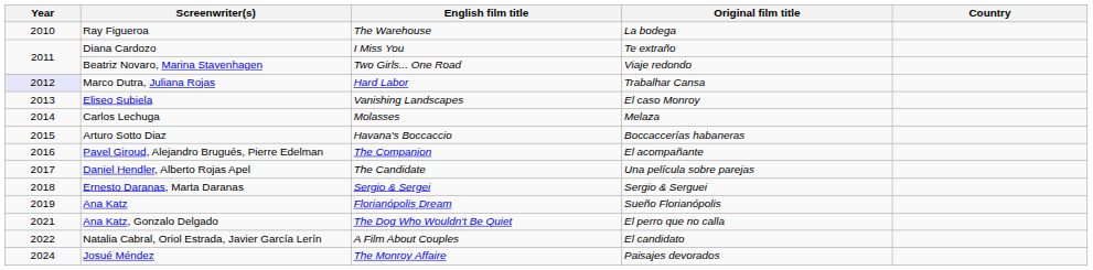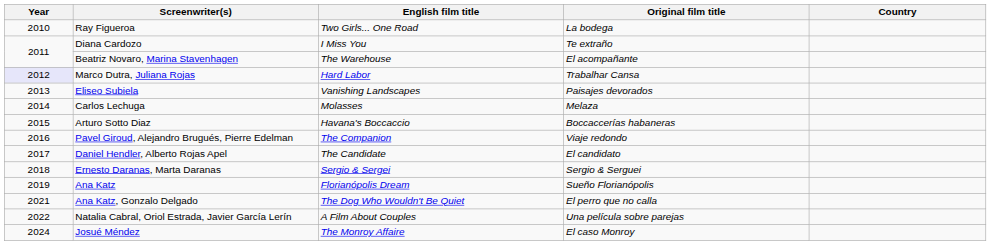 <table class="sortable wikitable" width="100%" cellpadding="5">
 <tr>
 <th width="7%">Year</th>
 <th width="25%">Screenwriter(s)</th>
 <th width="25%">English film title</th>
 <th width="25%">Original film title</th>
 <th width="18%">Country</th>
 </tr>
 <tr>
 <td style="text-align:center;">2010</td>
 <td>Ray Figueroa</td>
-<td><em>The Warehouse</em></td>
+<td><em>Two Girls... One Road</em></td>
 <td><em>La bodega</em></td>
 <td></td>
 </tr>
 <tr>
 <td rowspan="2" style="text-align:center;">2011</td>
 <td>Diana Cardozo</td>
 <td><em>I Miss You</em></td>
 <td><em>Te extraño</em></td>
 <td></td>
 </tr>
 <tr>
 <td>Beatriz Novaro, <a href='#'>Marina Stavenhagen</a></td>
-<td><em>Two Girls... One Road</em></td>
-<td><em>Viaje redondo</em></td>
+<td><em>The Warehouse</em></td>
+<td><em>El acompañante</em></td>
 <td></td>
 </tr>
 <tr>
 <td style="background: lavender; text-align:center;">2012</td>
 <td>Marco Dutra, <a href='#'>Juliana Rojas</a></td>
 <td><em><a href='#'>Hard Labor</a></em></td>
 <td><em>Trabalhar Cansa</em></td>
 <td></td>
 </tr>
 <tr>
 <td style="text-align:center;">2013</td>
 <td><a href='#'>Eliseo Subiela</a></td>
 <td><em>Vanishing Landscapes</em></td>
-<td><em>El caso Monroy</em></td>
+<td><em>Paisajes devorados</em></td>
 <td></td>
 </tr>
 <tr>
 <td style="text-align:center;">2014</td>
 <td>Carlos Lechuga</td>
 <td><em>Molasses</em></td>
 <td><em>Melaza</em></td>
 <td></td>
 </tr>
 <tr>
 <td style="text-align:center;">2015</td>
 <td>Arturo Sotto Diaz</td>
 <td><em>Havana's Boccaccio</em></td>
 <td><em>Boccaccerías habaneras</em></td>
 <td></td>
 </tr>
 <tr>
 <td style="text-align:center;">2016</td>
 <td><a href='#'>Pavel Giroud</a>, Alejandro Brugués, Pierre Edelman</td>
 <td><em><a href='#'>The Companion</a></em></td>
-<td><em>El acompañante</em></td>
+<td><em>Viaje redondo</em></td>
 <td></td>
 </tr>
 <tr>
 <td style="text-align:center;">2017</td>
 <td><a href='#'>Daniel Hendler</a>, Alberto Rojas Apel</td>
 <td><em>The Candidate</em></td>
-<td><em>Una película sobre parejas</em></td>
+<td><em>El candidato</em></td>
 <td><br></td>
 </tr>
 <tr>
 <td style="text-align:center;">2018</td>
 <td><a href='#'>Ernesto Daranas</a>, Marta Daranas</td>
 <td><em><a href='#'>Sergio & Sergei</a></em></td>
 <td><em>Sergio & Serguei</em></td>
 <td></td>
 </tr>
 <tr>
 <td style="text-align:center;">2019</td>
 <td><a href='#'>Ana Katz</a></td>
 <td><em><a href='#'>Florianópolis Dream</a></em></td>
 <td><em>Sueño Florianópolis</em></td>
 <td><br></td>
 </tr>
 <tr>
 <td style="text-align:center;">2021</td>
 <td><a href='#'>Ana Katz</a>, Gonzalo Delgado</td>
 <td><em><a href='#'>The Dog Who Wouldn't Be Quiet</a></em></td>
 <td><em>El perro que no calla</em></td>
 <td></td>
 </tr>
 <tr>
 <td style="text-align:center;">2022</td>
 <td>Natalia Cabral, Oriol Estrada, Javier García Lerín</td>
 <td><em>A Film About Couples</em></td>
-<td><em>El candidato</em></td>
+<td><em>Una película sobre parejas</em></td>
 <td></td>
 </tr>
 <tr>
 <td style="text-align:center;">2024</td>
 <td><a href='#'>Josué Méndez</a></td>
 <td><em><a href='#'>The Monroy Affaire</a></em></td>
-<td><em>Paisajes devorados</em></td>
+<td><em>El caso Monroy</em></td>
 <td><br></td>
 </tr>
 </table>
